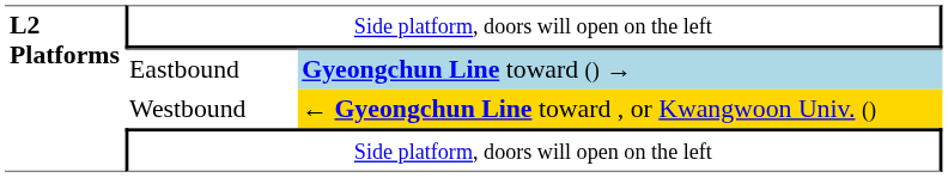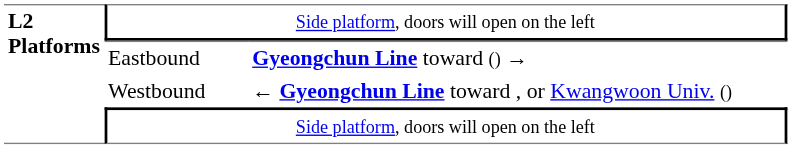 <table table border=0 cellspacing=0 cellpadding=3>
 <tr>
 <td style="border-top:solid 1px gray;border-bottom:solid 1px gray;" width=50 rowspan=10 valign=top><strong>L2<br>Platforms</strong></td>
 <td style="border-top:solid 1px gray;border-right:solid 2px black;border-left:solid 2px black;border-bottom:solid 2px black;text-align:center;" colspan=2><small><a href='#'>Side platform</a>, doors will open on the left</small></td>
 </tr>
 <tr>
 <td style="border-bottom:solid 0px gray;border-top:solid 1px gray;" width=100>Eastbound</td>
-<td style="background: lightblue; border-bottom:solid 0px gray;border-top:solid 1px gray;" width=390> <a href='#'><span><strong>Gyeongchun Line</strong></span></a> toward  <small>()</small> →</td>
+<td style="border-bottom:solid 0px gray;border-top:solid 1px gray;" width=390> <a href='#'><span><strong>Gyeongchun Line</strong></span></a> toward  <small>()</small> →</td>
 </tr>
 <tr>
 <td>Westbound</td>
-<td style="background: gold;">← <a href='#'><span><strong>Gyeongchun Line</strong></span></a> toward ,  or <a href='#'>Kwangwoon Univ.</a> <small>()</small></td>
+<td>← <a href='#'><span><strong>Gyeongchun Line</strong></span></a> toward ,  or <a href='#'>Kwangwoon Univ.</a> <small>()</small></td>
 </tr>
 <tr>
 <td style="border-top:solid 2px black;border-right:solid 2px black;border-left:solid 2px black;border-bottom:solid 1px gray;text-align:center;" colspan=2><small><a href='#'>Side platform</a>, doors will open on the left</small></td>
 </tr>
 </table>
